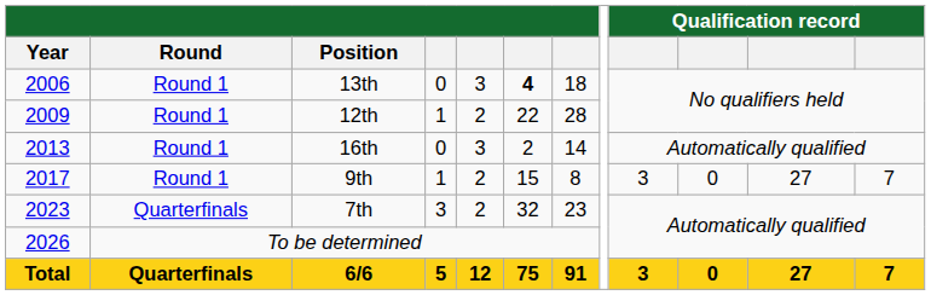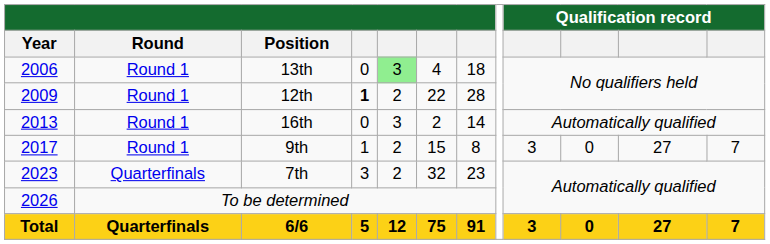 <table class="wikitable" style="text-align: center;">
 <tr>
 <th style="background:#146B2F;" colspan="7"><a href='#'></a></th>
 <th style="background:white; width:1%;" rowspan="9"></th>
 <th style="background:#146B2F; color:#FFFFFF;" colspan="5">Qualification record</th>
 </tr>
 <tr>
 <th>Year</th>
 <th>Round</th>
 <th>Position</th>
 <th></th>
 <th></th>
 <th></th>
 <th></th>
 <th></th>
 <th></th>
 <th></th>
 <th></th>
 </tr>
 <tr>
 <td> <a href='#'>2006</a></td>
 <td><a href='#'>Round 1</a></td>
 <td>13th</td>
 <td>0</td>
-<td>3</td>
-<td><strong>4</strong></td>
+<td style="background: lightgreen;">3</td>
+<td>4</td>
 <td>18</td>
 <td colspan=5 rowspan=2 align=center><em>No qualifiers held</em></td>
 </tr>
 <tr>
 <td> <a href='#'>2009</a></td>
 <td><a href='#'>Round 1</a></td>
 <td>12th</td>
-<td>1</td>
+<td><strong>1</strong></td>
 <td>2</td>
 <td>22</td>
 <td>28</td>
 </tr>
 <tr>
 <td> <a href='#'>2013</a></td>
 <td><a href='#'>Round 1</a></td>
 <td>16th</td>
 <td>0</td>
 <td>3</td>
 <td>2</td>
 <td>14</td>
 <td colspan=5 align=center><em>Automatically qualified</em></td>
 </tr>
 <tr>
 <td> <a href='#'>2017</a></td>
 <td><a href='#'>Round 1</a></td>
 <td>9th</td>
 <td>1</td>
 <td>2</td>
 <td>15</td>
 <td>8</td>
 <td>3</td>
 <td>0</td>
 <td>27</td>
 <td>7</td>
 </tr>
 <tr>
 <td> <a href='#'>2023</a></td>
 <td><a href='#'>Quarterfinals</a></td>
 <td>7th</td>
 <td>3</td>
 <td>2</td>
 <td>32</td>
 <td>23</td>
 <td colspan=5 rowspan=2 align=center><em>Automatically qualified</em></td>
 </tr>
 <tr>
 <td> <a href='#'>2026</a></td>
 <td colspan=6 align=center><em>To be determined</em></td>
 </tr>
 <tr>
 <th style="color:black; background:#FCD116;"><strong>Total</strong></th>
 <th style="color:black; background:#FCD116;"><strong>Quarterfinals</strong></th>
 <th style="color:black; background:#FCD116;"><strong>6/6</strong></th>
 <th style="color:black; background:#FCD116;"><strong>5</strong></th>
 <th style="color:black; background:#FCD116;"><strong>12</strong></th>
 <th style="color:black; background:#FCD116;"><strong>75</strong></th>
 <th style="color:black; background:#FCD116;"><strong>91</strong></th>
 <th style="color:black; background:#FCD116;"><strong>3</strong></th>
 <th style="color:black; background:#FCD116;"><strong>0</strong></th>
 <th style="color:black; background:#FCD116;"><strong>27</strong></th>
 <th style="color:black; background:#FCD116;"><strong>7</strong></th>
 </tr>
 </table>
